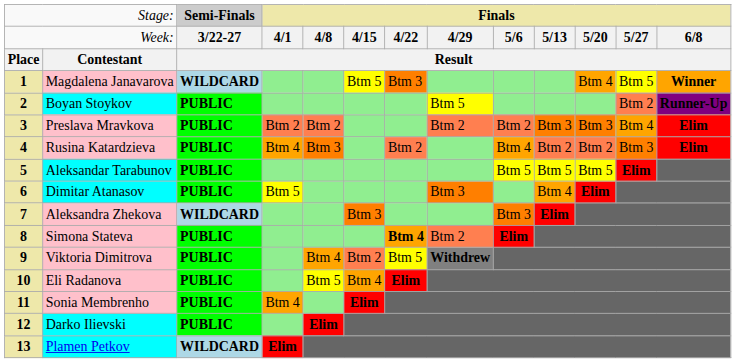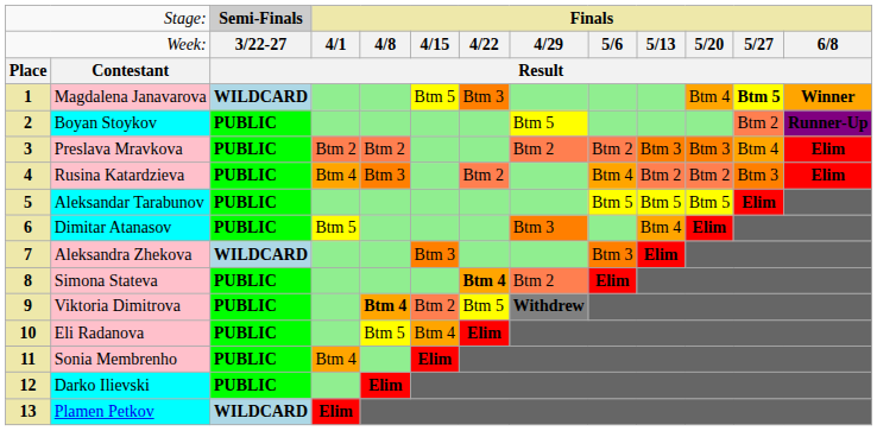 <table class="wikitable" align="center">
 <tr>
 <td colspan="2" align="right"><em>Stage:</em></td>
 <td bgcolor="CCCCCC" align="Center"><strong>Semi-Finals</strong></td>
 <td colspan="11" bgcolor="palegoldenrod" align="Center"><strong>Finals</strong></td>
 </tr>
 <tr>
 <td colspan="2" align="right"><em>Week:</em></td>
 <th>3/22-27</th>
 <th>4/1</th>
 <th>4/8</th>
 <th>4/15</th>
 <th>4/22</th>
 <th>4/29</th>
 <th>5/6</th>
 <th>5/13</th>
 <th>5/20</th>
 <th>5/27</th>
 <th>6/8</th>
 </tr>
 <tr>
 <th>Place</th>
 <th>Contestant</th>
 <th colspan="13" align="center">Result</th>
 </tr>
 <tr>
 <td align="center" bgcolor="palegoldenrod"><strong>1</strong></td>
 <td bgcolor="pink">Magdalena Janavarova</td>
 <td bgcolor="lightblue"><strong>WILDCARD</strong></td>
 <td style="background: lightgreen"></td>
 <td style="background: lightgreen"></td>
 <td bgcolor="yellow">Btm 5</td>
 <td bgcolor="#FF7F00">Btm 3</td>
 <td style="background: lightgreen"></td>
 <td style="background: lightgreen"></td>
 <td style="background: lightgreen"></td>
 <td bgcolor="orange">Btm 4</td>
-<td bgcolor="yellow">Btm 5</td>
+<td bgcolor="yellow"><strong>Btm 5</strong></td>
 <td bgcolor="orange" align="center"><strong>Winner</strong></td>
 </tr>
 <tr>
 <td align="center" bgcolor="palegoldenrod"><strong>2</strong></td>
 <td bgcolor="cyan">Boyan Stoykov</td>
 <td bgcolor="lime"><strong>PUBLIC</strong></td>
 <td style="background: lightgreen"></td>
 <td style="background: lightgreen"></td>
 <td style="background: lightgreen"></td>
 <td style="background: lightgreen"></td>
 <td bgcolor="yellow">Btm 5</td>
 <td style="background: lightgreen"></td>
 <td style="background: lightgreen"></td>
 <td style="background: lightgreen"></td>
 <td bgcolor="coral">Btm 2</td>
 <td style="background: purple" align="center"><strong>Runner-Up</strong></td>
 </tr>
 <tr>
 <td align="center" bgcolor="palegoldenrod"><strong>3</strong></td>
 <td bgcolor="pink">Preslava Mravkova</td>
 <td bgcolor="lime"><strong>PUBLIC</strong></td>
 <td bgcolor="coral">Btm 2</td>
 <td bgcolor="coral">Btm 2</td>
 <td style="background: lightgreen"></td>
 <td style="background: lightgreen"></td>
 <td bgcolor="coral">Btm 2</td>
 <td bgcolor="coral">Btm 2</td>
 <td bgcolor="#FF7F00">Btm 3</td>
 <td bgcolor="#FF7F00">Btm 3</td>
 <td bgcolor="orange">Btm 4</td>
 <td style="background:red" align="center"><strong>Elim</strong></td>
 </tr>
 <tr>
 <td align="center" bgcolor="palegoldenrod"><strong>4</strong></td>
 <td bgcolor="pink">Rusina Katardzieva</td>
 <td bgcolor="lime"><strong>PUBLIC</strong></td>
 <td bgcolor="orange">Btm 4</td>
 <td bgcolor="#FF7F00">Btm 3</td>
 <td style="background: lightgreen"></td>
 <td bgcolor="coral">Btm 2</td>
 <td style="background: lightgreen"></td>
 <td bgcolor="orange">Btm 4</td>
 <td bgcolor="coral">Btm 2</td>
 <td bgcolor="coral">Btm 2</td>
 <td bgcolor="#FF7F00">Btm 3</td>
 <td style="background: red" align="center"><strong>Elim</strong></td>
 </tr>
 <tr>
 <td align="center" bgcolor="palegoldenrod"><strong>5</strong></td>
 <td bgcolor="cyan">Aleksandar Tarabunov</td>
 <td bgcolor="lime"><strong>PUBLIC</strong></td>
 <td style="background: lightgreen"></td>
 <td style="background: lightgreen"></td>
 <td style="background: lightgreen"></td>
 <td style="background: lightgreen"></td>
 <td style="background: lightgreen"></td>
 <td bgcolor="yellow">Btm 5</td>
 <td bgcolor="yellow">Btm 5</td>
 <td bgcolor="yellow">Btm 5</td>
 <td style="background: red" align="center"><strong>Elim</strong></td>
 <td colspan="2" bgcolor="666666"></td>
 </tr>
 <tr>
 <td align="center" bgcolor="palegoldenrod"><strong>6</strong></td>
 <td bgcolor="cyan">Dimitar Atanasov</td>
 <td bgcolor="lime"><strong>PUBLIC</strong></td>
 <td bgcolor="yellow">Btm 5</td>
 <td style="background: lightgreen"></td>
 <td style="background: lightgreen"></td>
 <td style="background: lightgreen"></td>
 <td bgcolor="#FF7F00">Btm 3</td>
 <td style="background: lightgreen"></td>
 <td bgcolor="orange">Btm 4</td>
 <td style="background: red" align="center"><strong>Elim</strong></td>
 <td colspan="3" bgcolor="666666"></td>
 </tr>
 <tr>
 <td align="center" bgcolor="palegoldenrod"><strong>7</strong></td>
 <td bgcolor="pink">Aleksandra Zhekova</td>
 <td bgcolor="lightblue"><strong>WILDCARD</strong></td>
 <td style="background: lightgreen"></td>
 <td style="background: lightgreen"></td>
 <td bgcolor="#FF7F00">Btm 3</td>
 <td style="background: lightgreen"></td>
 <td style="background: lightgreen"></td>
 <td bgcolor="#FF7F00">Btm 3</td>
 <td style="background: red" align="center"><strong>Elim</strong></td>
 <td colspan="4" bgcolor="666666"></td>
 </tr>
 <tr>
 <td align="center" bgcolor="palegoldenrod"><strong>8</strong></td>
 <td bgcolor="pink">Simona Stateva</td>
 <td bgcolor="lime"><strong>PUBLIC</strong></td>
 <td style="background: lightgreen"></td>
 <td style="background: lightgreen"></td>
 <td style="background: lightgreen"></td>
 <td bgcolor="orange"><strong>Btm 4</strong></td>
 <td bgcolor="coral">Btm 2</td>
 <td style="background: red" align="center"><strong>Elim</strong></td>
 <td colspan="5" bgcolor="666666"></td>
 </tr>
 <tr>
 <td align="center" bgcolor="palegoldenrod"><strong>9</strong></td>
 <td bgcolor="pink">Viktoria Dimitrova</td>
 <td bgcolor="lime"><strong>PUBLIC</strong></td>
 <td style="background: lightgreen"></td>
-<td bgcolor="orange">Btm 4</td>
+<td bgcolor="orange"><strong>Btm 4</strong></td>
 <td bgcolor="coral">Btm 2</td>
 <td bgcolor="yellow">Btm 5</td>
 <td style="background: gray" align="center"><strong>Withdrew</strong></td>
 <td colspan="6" bgcolor="666666"></td>
 </tr>
 <tr>
 <td align="center" bgcolor="palegoldenrod"><strong>10</strong></td>
 <td bgcolor="pink">Eli Radanova</td>
 <td bgcolor="lime"><strong>PUBLIC</strong></td>
 <td style="background: lightgreen"></td>
 <td bgcolor="yellow">Btm 5</td>
 <td bgcolor="orange">Btm 4</td>
 <td style="background: red" align="center"><strong>Elim</strong></td>
 <td colspan="7" bgcolor="666666"></td>
 </tr>
 <tr>
 <td align="center" bgcolor="palegoldenrod"><strong>11</strong></td>
 <td bgcolor="pink">Sonia Membrenho</td>
 <td bgcolor="lime"><strong>PUBLIC</strong></td>
 <td bgcolor="orange">Btm 4</td>
 <td style="background: lightgreen"></td>
 <td style="background: red" align="center"><strong>Elim</strong></td>
 <td colspan="8" bgcolor="666666"></td>
 </tr>
 <tr>
 <td align="center" bgcolor="palegoldenrod"><strong>12</strong></td>
 <td bgcolor="cyan">Darko Ilievski</td>
 <td bgcolor="lime"><strong>PUBLIC</strong></td>
 <td style="background: lightgreen"></td>
 <td style="background: red" align="center"><strong>Elim</strong></td>
 <td colspan="9" bgcolor="666666"></td>
 </tr>
 <tr>
 <td align="center" bgcolor="palegoldenrod"><strong>13</strong></td>
 <td bgcolor="cyan"><a href='#'>Plamen Petkov</a></td>
 <td bgcolor="lightblue"><strong>WILDCARD</strong></td>
 <td style="background: red" align="center"><strong>Elim</strong></td>
 <td colspan="10" bgcolor="666666"></td>
 </tr>
 </table>
